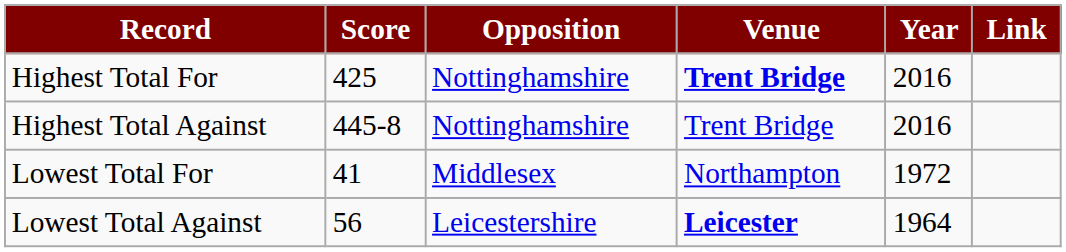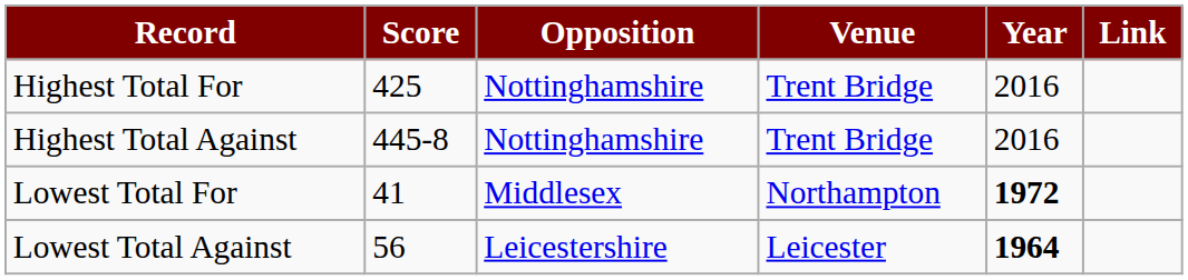 <table class="wikitable" style="font-size:95%;" width="62%">
 <tr>
 <th style="background: maroon; color:white" align=right>Record</th>
 <th style="background: maroon; color:white" align=right>Score</th>
 <th style="background: maroon; color:white" align=right>Opposition</th>
 <th style="background: maroon; color:white" align=right>Venue</th>
 <th style="background: maroon; color:white" align=right>Year</th>
 <th style="background: maroon; color:white" align=right>Link</th>
 </tr>
 <tr>
 <td>Highest Total For</td>
 <td>425</td>
 <td><a href='#'>Nottinghamshire</a></td>
-<td><strong><a href='#'>Trent Bridge</a></strong></td>
+<td><a href='#'>Trent Bridge</a></td>
 <td>2016</td>
 <td></td>
 </tr>
 <tr>
 <td>Highest Total Against</td>
 <td>445-8</td>
 <td><a href='#'>Nottinghamshire</a></td>
 <td><a href='#'>Trent Bridge</a></td>
 <td>2016</td>
 <td></td>
 </tr>
 <tr>
 <td>Lowest Total For</td>
 <td>41</td>
 <td><a href='#'>Middlesex</a></td>
 <td><a href='#'>Northampton</a></td>
-<td>1972</td>
+<td><strong>1972</strong></td>
 <td></td>
 </tr>
 <tr>
 <td>Lowest Total Against</td>
 <td>56</td>
 <td><a href='#'>Leicestershire</a></td>
-<td><strong><a href='#'>Leicester</a></strong></td>
-<td>1964</td>
+<td><a href='#'>Leicester</a></td>
+<td><strong>1964</strong></td>
 <td></td>
 </tr>
 </table>
